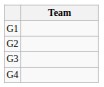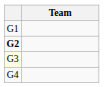 <table class="wikitable" style="display:inline-table;">
 <tr>
 <th></th>
 <th width=120>Team</th>
 </tr>
 <tr>
 <td align=center>G1</td>
 <td></td>
 </tr>
 <tr>
-<td align=center>G2</td>
+<td align=center><strong>G2</strong></td>
 <td></td>
 </tr>
 <tr>
-<td align=center>G3</td>
+<td align=center style="background: lightyellow;">G3</td>
 <td></td>
 </tr>
 <tr>
 <td align=center>G4</td>
 <td></td>
 </tr>
 </table>
